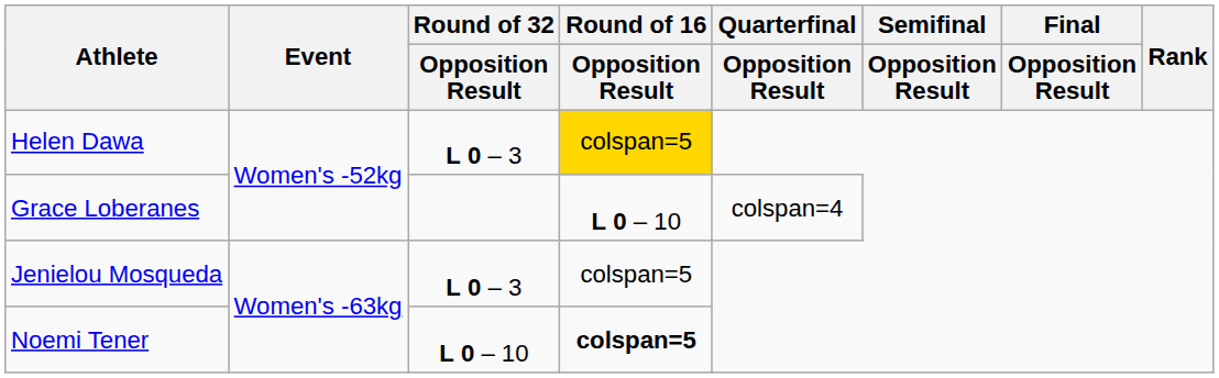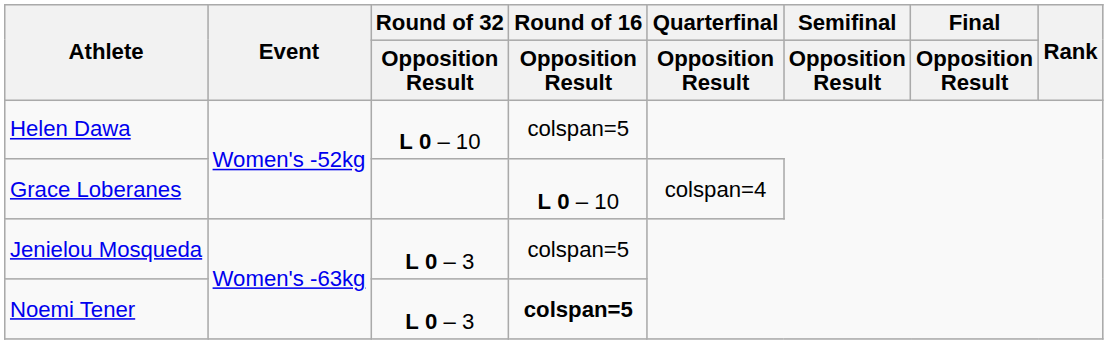 <table class=wikitable style="text-align:center; font-size:90%">
 <tr>
 <th rowspan=2>Athlete</th>
 <th rowspan=2>Event</th>
 <th>Round of 32</th>
 <th>Round of 16</th>
 <th>Quarterfinal</th>
 <th>Semifinal</th>
 <th>Final</th>
 <th rowspan=2>Rank</th>
 </tr>
 <tr>
 <th>Opposition<br>Result</th>
 <th>Opposition<br>Result</th>
 <th>Opposition<br>Result</th>
 <th>Opposition<br>Result</th>
 <th>Opposition<br>Result</th>
 </tr>
 <tr>
 <td align=left><a href='#'>Helen Dawa</a></td>
 <td rowspan=2><a href='#'>Women's -52kg</a></td>
-<td align=center> <br> <strong>L</strong> <strong>0</strong> – 3</td>
-<td style="background: gold;">colspan=5 </td>
+<td align=center> <br> <strong>L</strong> <strong>0</strong> – 10</td>
+<td>colspan=5 </td>
 </tr>
 <tr>
 <td align=left><a href='#'>Grace Loberanes</a></td>
 <td></td>
 <td align=center> <br> <strong>L</strong> <strong>0</strong> – 10</td>
 <td>colspan=4 </td>
 </tr>
 <tr>
 <td align=left><a href='#'>Jenielou Mosqueda</a></td>
 <td rowspan=2><a href='#'>Women's -63kg</a></td>
 <td align=center> <br> <strong>L</strong> <strong>0</strong> – 3</td>
 <td>colspan=5 </td>
 </tr>
 <tr>
 <td align=left><a href='#'>Noemi Tener</a></td>
-<td align=center> <br> <strong>L</strong> <strong>0</strong> – 10</td>
+<td align=center> <br> <strong>L</strong> <strong>0</strong> – 3</td>
 <td><strong>colspan=5 </strong></td>
 </tr>
 </table>
